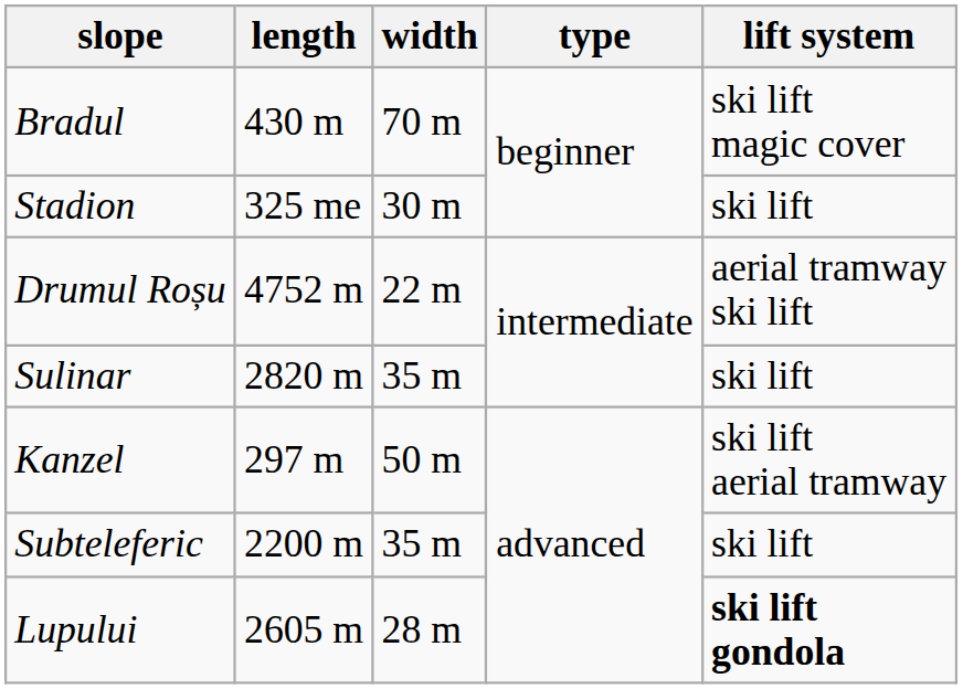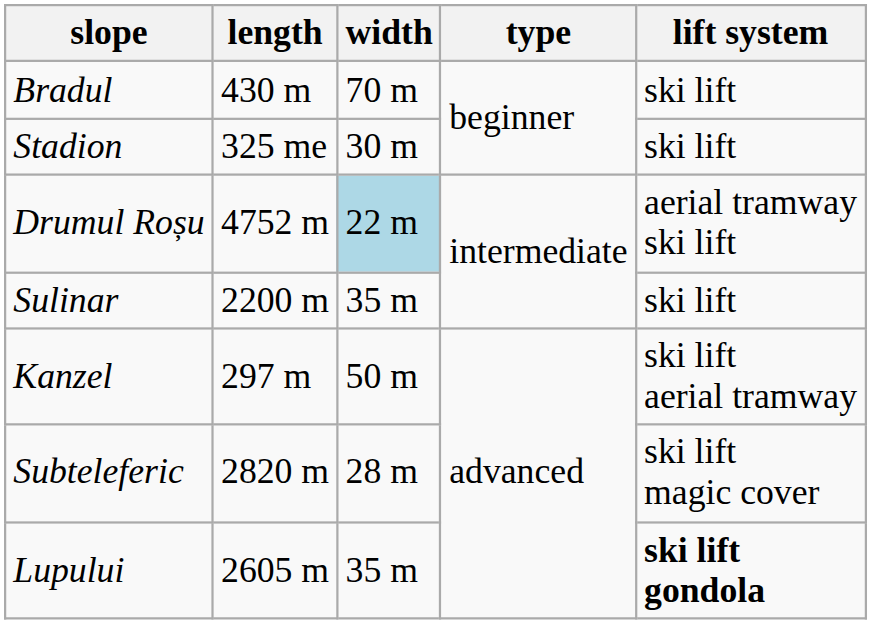 <table class="wikitable">
 <tr>
 <th>slope</th>
 <th>length</th>
 <th>width</th>
 <th>type</th>
 <th>lift system</th>
 </tr>
 <tr>
 <td><em>Bradul</em></td>
 <td>430 m</td>
 <td>70 m</td>
 <td rowspan="2">beginner</td>
-<td>ski lift<br>magic cover</td>
+<td>ski lift</td>
 </tr>
 <tr>
 <td><em>Stadion</em></td>
 <td>325 me</td>
 <td>30 m</td>
 <td>ski lift</td>
 </tr>
 <tr>
 <td><em>Drumul Roșu</em></td>
 <td>4752 m</td>
-<td>22 m</td>
+<td style="background: lightblue;">22 m</td>
 <td rowspan="2">intermediate</td>
 <td>aerial tramway<br>ski lift</td>
 </tr>
 <tr>
 <td><em>Sulinar</em></td>
-<td>2820 m</td>
+<td>2200 m</td>
 <td>35 m</td>
 <td>ski lift</td>
 </tr>
 <tr>
 <td><em>Kanzel</em></td>
 <td>297 m</td>
 <td>50 m</td>
 <td rowspan="3">advanced</td>
 <td>ski lift<br>aerial tramway</td>
 </tr>
 <tr>
 <td><em>Subteleferic</em></td>
-<td>2200 m</td>
-<td>35 m</td>
-<td>ski lift</td>
+<td>2820 m</td>
+<td>28 m</td>
+<td>ski lift<br>magic cover</td>
 </tr>
 <tr>
 <td><em>Lupului</em></td>
 <td>2605 m</td>
-<td>28 m</td>
+<td>35 m</td>
 <td><strong>ski lift<br>gondola</strong></td>
 </tr>
 </table>
